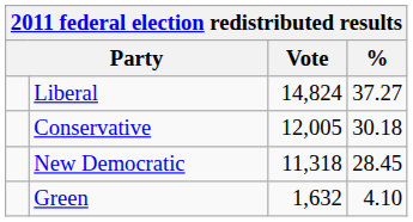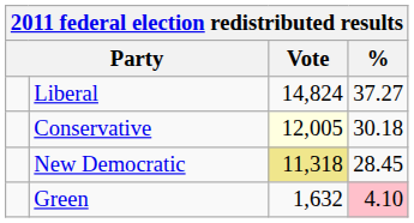 <table class="wikitable">
 <tr>
 <th colspan="4"><a href='#'>2011 federal election</a> redistributed results</th>
 </tr>
 <tr>
 <th bgcolor="#DDDDFF" width="130px" colspan="2">Party</th>
 <th bgcolor="#DDDDFF" width="50px">Vote</th>
 <th bgcolor="#DDDDFF" width="30px">%</th>
 </tr>
 <tr>
 <td> </td>
 <td><a href='#'>Liberal</a></td>
 <td align=right>14,824</td>
 <td align=right>37.27</td>
 </tr>
 <tr>
 <td> </td>
 <td><a href='#'>Conservative</a></td>
-<td align=right>12,005</td>
+<td align=right style="background: lightyellow;">12,005</td>
 <td align=right>30.18</td>
 </tr>
 <tr>
 <td> </td>
 <td><a href='#'>New Democratic</a></td>
-<td align=right>11,318</td>
+<td align=right style="background: khaki;">11,318</td>
 <td align=right>28.45</td>
 </tr>
 <tr>
 <td> </td>
 <td><a href='#'>Green</a></td>
 <td align=right>1,632</td>
-<td align=right>4.10</td>
+<td align=right style="background: pink;">4.10</td>
 </tr>
 </table>
